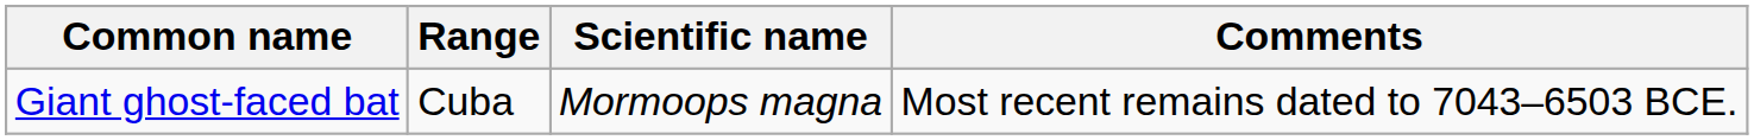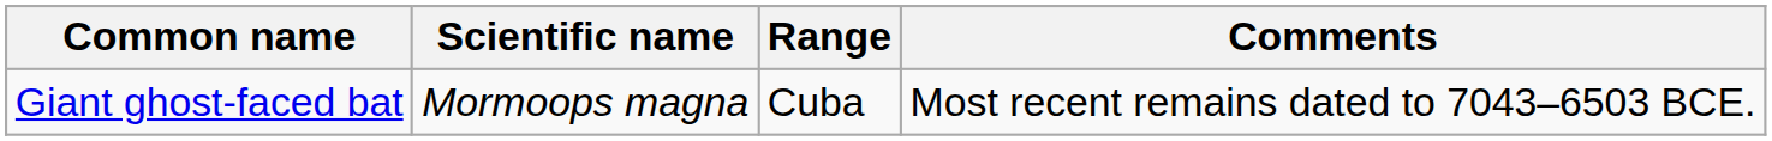 <table class="wikitable">
 <tr>
 <th>Common name</th>
+<th>Scientific name</th>
 <th>Range</th>
-<th>Scientific name</th>
 <th class="unsortable">Comments</th>
 </tr>
 <tr>
 <td><a href='#'>Giant ghost-faced bat</a></td>
+<td><em>Mormoops magna</em></td>
 <td>Cuba</td>
-<td><em>Mormoops magna</em></td>
 <td>Most recent remains dated to 7043–6503 BCE.</td>
 </tr>
 </table>
